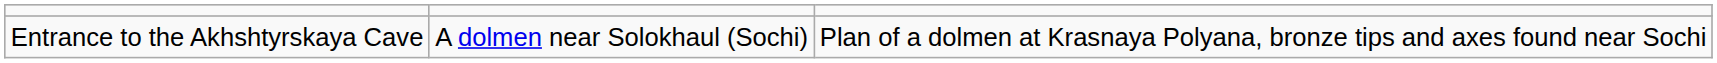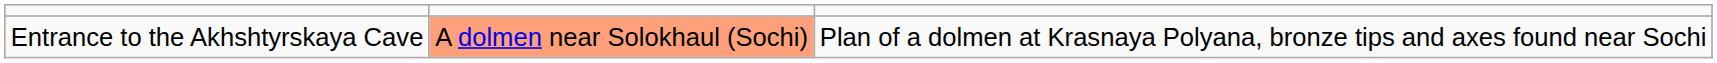 <table class="wikitable" style="text-align:center">
 <tr>
 <td></td>
 <td></td>
 <td></td>
 </tr>
 <tr>
 <td>Entrance to the Akhshtyrskaya Cave</td>
-<td>A <a href='#'>dolmen</a> near Solokhaul (Sochi)</td>
+<td style="background: lightsalmon;">A <a href='#'>dolmen</a> near Solokhaul (Sochi)</td>
 <td>Plan of a dolmen at Krasnaya Polyana, bronze tips and axes found near Sochi</td>
 </tr>
 </table>
